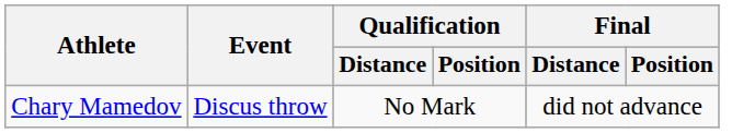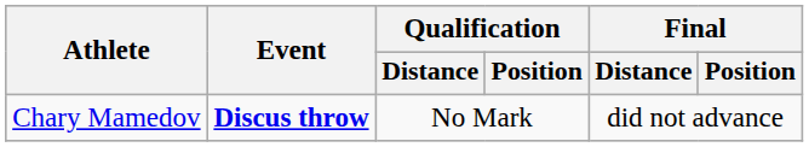 <table class=wikitable style="font-size:90%">
 <tr>
 <th rowspan="2">Athlete</th>
 <th rowspan="2">Event</th>
 <th colspan="2">Qualification</th>
 <th colspan="2">Final</th>
 </tr>
 <tr style="font-size:95%">
 <th>Distance</th>
 <th>Position</th>
 <th>Distance</th>
 <th>Position</th>
 </tr>
 <tr align=center>
 <td align=left><a href='#'>Chary Mamedov</a></td>
-<td align=left><a href='#'>Discus throw</a></td>
+<td align=left><strong><a href='#'>Discus throw</a></strong></td>
 <td colspan=2>No Mark</td>
 <td colspan=2>did not advance</td>
 </tr>
 </table>
